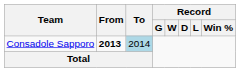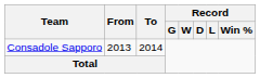 <table class="wikitable" style="text-align: center">
 <tr>
 <th rowspan="2">Team</th>
 <th rowspan="2">From</th>
 <th rowspan="2">To</th>
 <th colspan="5">Record</th>
 </tr>
 <tr>
 <th>G</th>
 <th>W</th>
 <th>D</th>
 <th>L</th>
 <th>Win %</th>
 </tr>
 <tr>
 <td align="left"><a href='#'>Consadole Sapporo</a></td>
-<td align="left"><strong>2013</strong></td>
-<td align="left" style="background: lightblue;">2014<br></td>
+<td align="left">2013</td>
+<td align="left">2014<br></td>
 </tr>
 <tr>
 <th colspan="3">Total<br></th>
 </tr>
 </table>
